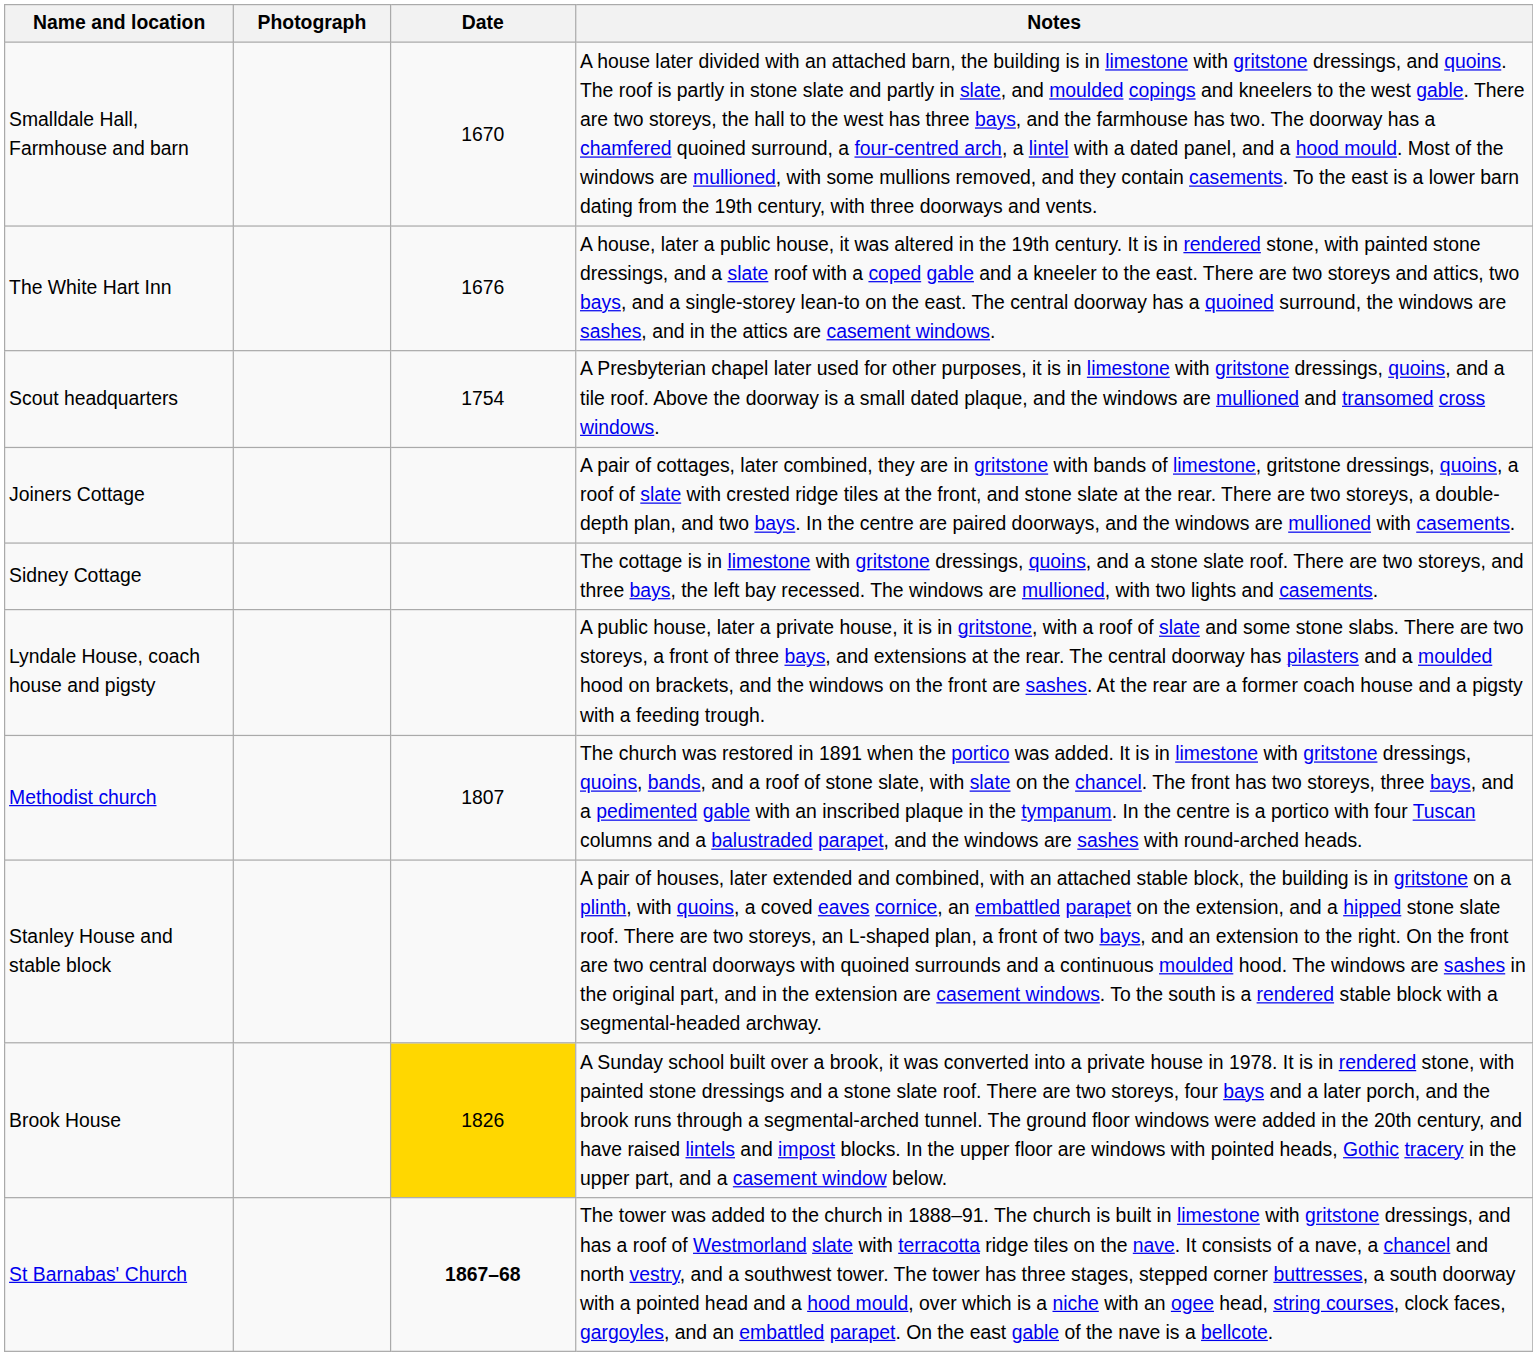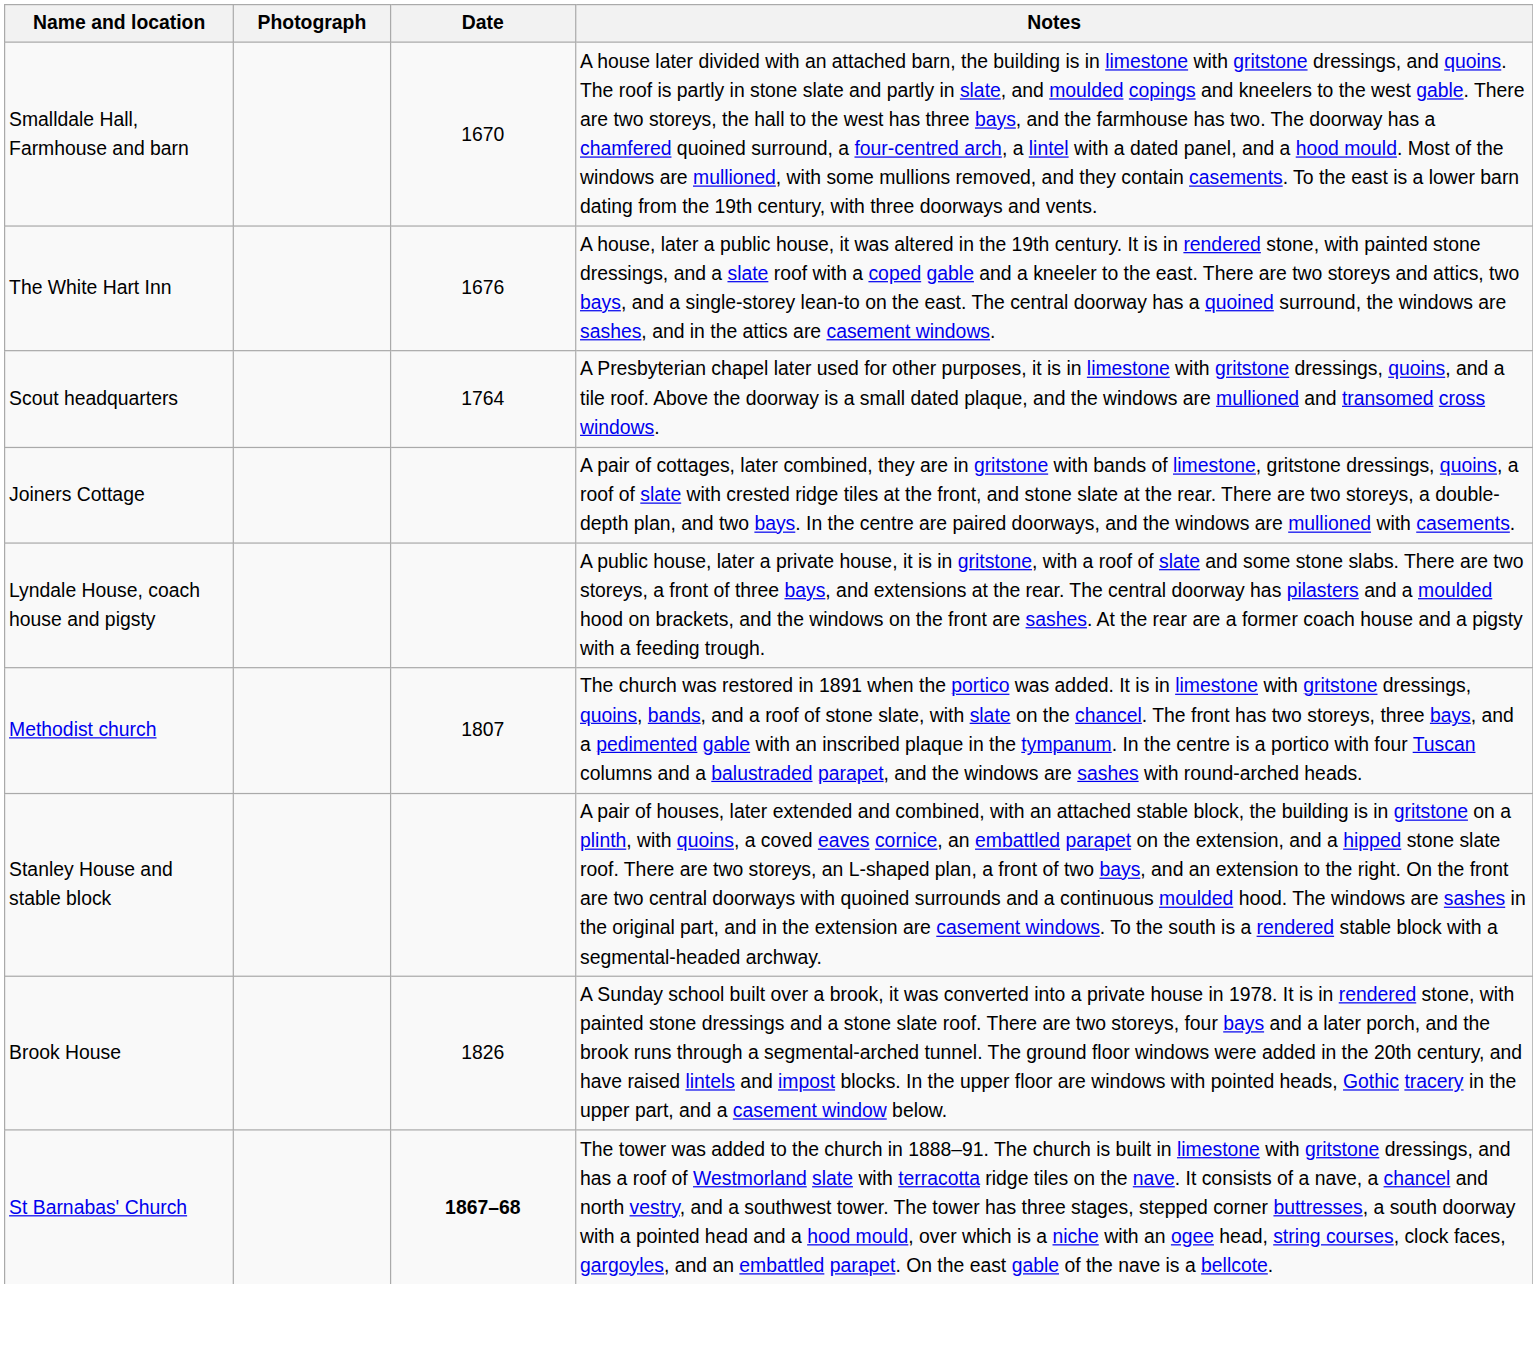 <table class="wikitable sortable plainrowheaders" style="width:100%;border:0px;text-align:left;line-height:150%;">
 <tr>
 <th scope="col"  style="width:150px">Name and location</th>
 <th scope="col"  style="width:100px" class="unsortable">Photograph</th>
 <th scope="col"  style="width:120px">Date</th>
 <th scope="col"  style="width:650px" class="unsortable">Notes</th>
 </tr>
 <tr>
 <td>Smalldale Hall, Farmhouse and barn<br><small></small></td>
 <td></td>
 <td align="center">1670</td>
 <td>A house later divided with an attached barn, the building is in <a href='#'>limestone</a> with <a href='#'>gritstone</a> dressings, and <a href='#'>quoins</a>.  The roof is partly in stone slate and partly in <a href='#'>slate</a>, and <a href='#'>moulded</a> <a href='#'>copings</a> and kneelers to the west <a href='#'>gable</a>.  There are two storeys, the hall to the west has three <a href='#'>bays</a>, and the farmhouse has two.  The doorway has a <a href='#'>chamfered</a> quoined surround, a <a href='#'>four-centred arch</a>, a <a href='#'>lintel</a> with a dated panel, and a <a href='#'>hood mould</a>.  Most of the windows are <a href='#'>mullioned</a>, with some mullions removed, and they contain <a href='#'>casements</a>.  To the east is a lower barn dating from the 19th century, with three doorways and vents.</td>
 </tr>
 <tr>
 <td>The White Hart Inn<br><small></small></td>
 <td></td>
 <td align="center">1676</td>
 <td>A house, later a public house, it was altered in the 19th century.  It is in <a href='#'>rendered</a> stone, with painted stone dressings, and a <a href='#'>slate</a> roof with a <a href='#'>coped</a> <a href='#'>gable</a> and a kneeler to the east.  There are two storeys and attics, two <a href='#'>bays</a>, and a single-storey lean-to on the east.  The central doorway has a <a href='#'>quoined</a> surround, the windows are <a href='#'>sashes</a>, and in the attics are <a href='#'>casement windows</a>.</td>
 </tr>
 <tr>
 <td>Scout headquarters<br><small></small></td>
 <td></td>
-<td align="center">1754</td>
+<td align="center">1764</td>
 <td>A Presbyterian chapel later used for other purposes, it is in <a href='#'>limestone</a> with <a href='#'>gritstone</a> dressings, <a href='#'>quoins</a>, and a tile roof.  Above the doorway is a small dated plaque, and the windows are <a href='#'>mullioned</a> and <a href='#'>transomed</a> <a href='#'>cross windows</a>.</td>
 </tr>
 <tr>
 <td>Joiners Cottage<br><small></small></td>
 <td></td>
 <td align="center"></td>
 <td>A pair of cottages, later combined, they are in <a href='#'>gritstone</a> with bands of <a href='#'>limestone</a>, gritstone dressings, <a href='#'>quoins</a>, a roof of <a href='#'>slate</a> with crested ridge tiles at the front, and stone slate at the rear.  There are two storeys, a double-depth plan, and two <a href='#'>bays</a>.  In the centre are paired doorways, and the windows are <a href='#'>mullioned</a> with <a href='#'>casements</a>.</td>
-</tr>
-<tr>
-<td>Sidney Cottage<br><small></small></td>
-<td></td>
-<td align="center"></td>
-<td>The cottage is in <a href='#'>limestone</a> with <a href='#'>gritstone</a> dressings, <a href='#'>quoins</a>, and a stone slate roof.  There are two storeys, and three <a href='#'>bays</a>, the left bay recessed.  The windows are <a href='#'>mullioned</a>, with two lights and <a href='#'>casements</a>.</td>
 </tr>
 <tr>
 <td>Lyndale House, coach house and pigsty<br><small></small></td>
 <td></td>
 <td align="center"></td>
 <td>A public house, later a private house, it is in <a href='#'>gritstone</a>, with a roof of <a href='#'>slate</a> and some stone slabs.  There are two storeys, a front of three <a href='#'>bays</a>, and extensions at the rear.  The central doorway has <a href='#'>pilasters</a> and a <a href='#'>moulded</a> hood on brackets, and the windows on the front are <a href='#'>sashes</a>.  At the rear are a former coach house and a pigsty with a feeding trough.</td>
 </tr>
 <tr>
 <td><a href='#'>Methodist church</a><br><small></small></td>
 <td></td>
 <td align="center">1807</td>
 <td>The church was restored in 1891 when the <a href='#'>portico</a> was added.  It is in <a href='#'>limestone</a> with <a href='#'>gritstone</a> dressings, <a href='#'>quoins</a>, <a href='#'>bands</a>, and a roof of stone slate, with <a href='#'>slate</a> on the <a href='#'>chancel</a>.  The front has two storeys, three <a href='#'>bays</a>, and a <a href='#'>pedimented</a> <a href='#'>gable</a> with an inscribed plaque in the <a href='#'>tympanum</a>.  In the centre is a portico with four <a href='#'>Tuscan</a> columns and a <a href='#'>balustraded</a> <a href='#'>parapet</a>, and the windows are <a href='#'>sashes</a> with round-arched heads.</td>
 </tr>
 <tr>
 <td>Stanley House and stable block<br><small></small></td>
 <td></td>
 <td align="center"></td>
 <td>A pair of houses, later extended and combined, with an attached stable block, the building is in <a href='#'>gritstone</a> on a <a href='#'>plinth</a>, with <a href='#'>quoins</a>, a coved <a href='#'>eaves</a> <a href='#'>cornice</a>, an <a href='#'>embattled</a> <a href='#'>parapet</a> on the extension, and a <a href='#'>hipped</a> stone slate roof.  There are two storeys, an L-shaped plan, a front of two <a href='#'>bays</a>, and an extension to the right.  On the front are two central doorways with quoined surrounds and a continuous <a href='#'>moulded</a> hood.  The windows are <a href='#'>sashes</a> in the original part, and in the extension are <a href='#'>casement windows</a>.  To the south is a <a href='#'>rendered</a> stable block with a segmental-headed archway.</td>
 </tr>
 <tr>
 <td>Brook House<br><small></small></td>
 <td></td>
-<td align="center" style="background: gold;">1826</td>
+<td align="center">1826</td>
 <td>A Sunday school built over a brook, it was converted into a private house in 1978.  It is in <a href='#'>rendered</a> stone, with painted stone dressings and a stone slate roof.  There are two storeys, four <a href='#'>bays</a> and a later porch, and the brook runs through a segmental-arched tunnel.  The ground floor windows were added in the 20th century, and have raised <a href='#'>lintels</a> and <a href='#'>impost</a> blocks.  In the upper floor are windows with pointed heads, <a href='#'>Gothic</a> <a href='#'>tracery</a> in the upper part, and a <a href='#'>casement window</a> below.</td>
 </tr>
 <tr>
 <td><a href='#'>St Barnabas' Church</a><br><small></small></td>
 <td></td>
 <td align="center"><strong>1867–68</strong></td>
 <td>The tower was added to the church in 1888–91.  The church is built in <a href='#'>limestone</a> with <a href='#'>gritstone</a> dressings, and has a roof of <a href='#'>Westmorland</a> <a href='#'>slate</a> with <a href='#'>terracotta</a> ridge tiles on the <a href='#'>nave</a>.  It consists of a nave, a <a href='#'>chancel</a> and north <a href='#'>vestry</a>, and a southwest tower.  The tower has three stages, stepped corner <a href='#'>buttresses</a>, a south doorway with a pointed head and a <a href='#'>hood mould</a>, over which is a <a href='#'>niche</a> with an <a href='#'>ogee</a> head, <a href='#'>string courses</a>, clock faces, <a href='#'>gargoyles</a>, and an <a href='#'>embattled</a> <a href='#'>parapet</a>.  On the east <a href='#'>gable</a> of the nave is a <a href='#'>bellcote</a>.</td>
 </tr>
 <tr>
 </tr>
 </table>
